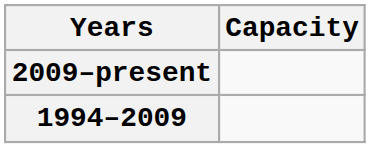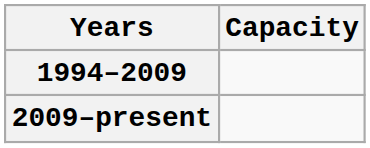 <table class="wikitable">
 <tr>
 <th>Years</th>
 <th>Capacity</th>
 </tr>
 <tr>
+<th>1994–2009</th>
+<td></td>
+</tr>
+<tr>
 <th>2009–present</th>
 <td></td>
 </tr>
-<tr>
-<th>1994–2009</th>
-<td></td>
-</tr>
 </table>
